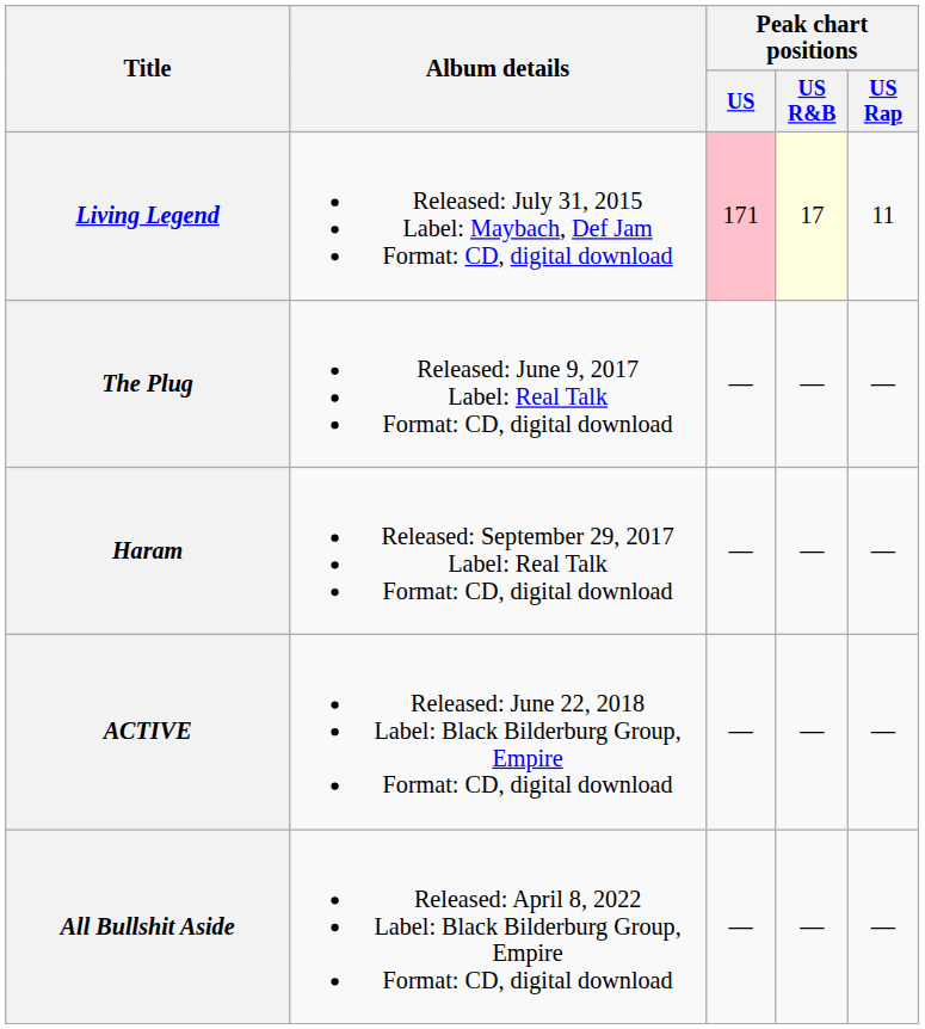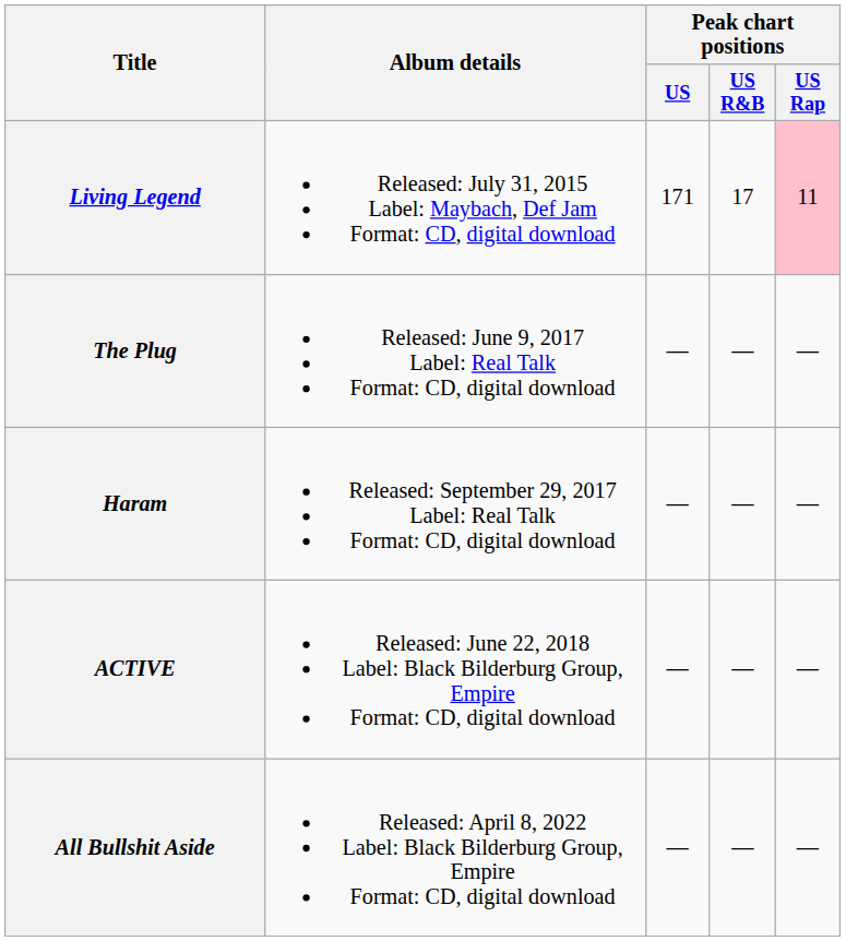 <table class="wikitable plainrowheaders" style="text-align:center;">
 <tr>
 <th scope="col" rowspan="2" style="width:13em;">Title</th>
 <th scope="col" rowspan="2" style="width:19em;">Album details</th>
 <th scope="col" colspan="4">Peak chart positions</th>
 </tr>
 <tr>
 <th scope="col" style="width:3em;font-size:90%;"><a href='#'>US</a></th>
 <th scope="col" style="width:3em;font-size:90%;"><a href='#'>US R&B</a></th>
 <th scope="col" style="width:3em;font-size:90%;"><a href='#'>US<br>Rap</a></th>
 </tr>
 <tr>
 <th scope="row"><em><a href='#'>Living Legend</a></em></th>
 <td><br><ul><li>Released: July 31, 2015</li><li>Label: <a href='#'>Maybach</a>, <a href='#'>Def Jam</a></li><li>Format: <a href='#'>CD</a>, <a href='#'>digital download</a></li></ul></td>
-<td style="background: pink;">171</td>
-<td style="background: lightyellow;">17</td>
-<td>11</td>
+<td>171</td>
+<td>17</td>
+<td style="background: pink;">11</td>
 </tr>
 <tr>
 <th scope="row"><em>The Plug</em></th>
 <td><br><ul><li>Released: June 9, 2017</li><li>Label: <a href='#'>Real Talk</a></li><li>Format: CD, digital download</li></ul></td>
 <td>—</td>
 <td>—</td>
 <td>—</td>
 </tr>
 <tr>
 <th scope="row"><em>Haram</em></th>
 <td><br><ul><li>Released: September 29, 2017</li><li>Label: Real Talk</li><li>Format: CD, digital download</li></ul></td>
 <td>—</td>
 <td>—</td>
 <td>—</td>
 </tr>
 <tr>
 <th scope="row"><em>ACTIVE</em></th>
 <td><br><ul><li>Released: June 22, 2018</li><li>Label: Black Bilderburg Group, <a href='#'>Empire</a></li><li>Format: CD, digital download</li></ul></td>
 <td>—</td>
 <td>—</td>
 <td>—</td>
 </tr>
 <tr>
 <th scope="row"><em>All Bullshit Aside</em></th>
 <td><br><ul><li>Released: April 8, 2022</li><li>Label: Black Bilderburg Group, Empire</li><li>Format: CD, digital download</li></ul></td>
 <td>—</td>
 <td>—</td>
 <td>—</td>
 </tr>
 <tr>
 </tr>
 </table>
